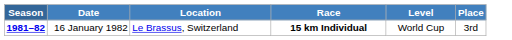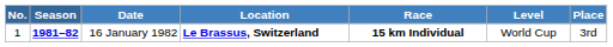 <table class="wikitable sortable" style="font-size:95%; text-align:center; border:grey solid 1px; border-collapse:collapse; background:#ffffff;">
 <tr style="background:#efefef;">
+<th style="background-color:#369; color:white;">No.</th>
 <th style="background-color:#369; color:white;">Season</th>
 <th style="background-color:#4180be; color:white; width:120px;">Date</th>
 <th style="background-color:#4180be; color:white; width:210px;">Location</th>
 <th style="background-color:#4180be; color:white; width:170px;">Race</th>
 <th style="background-color:#4180be; color:white; width:100px;">Level</th>
 <th style="background-color:#4180be; color:white;">Place</th>
 </tr>
 <tr>
+<td align=center>1</td>
 <td rowspan=1 align=center><strong><a href='#'>1981–82</a></strong></td>
 <td align=right>16 January 1982</td>
-<td align=left> <a href='#'>Le Brassus</a>, Switzerland</td>
+<td align=left><strong> <a href='#'>Le Brassus</a>, Switzerland</strong></td>
 <td><strong>15 km Individual</strong></td>
 <td>World Cup</td>
 <td>3rd</td>
 </tr>
 </table>
